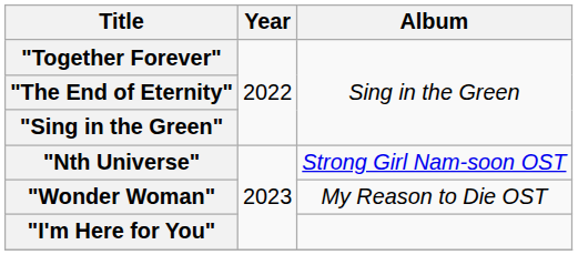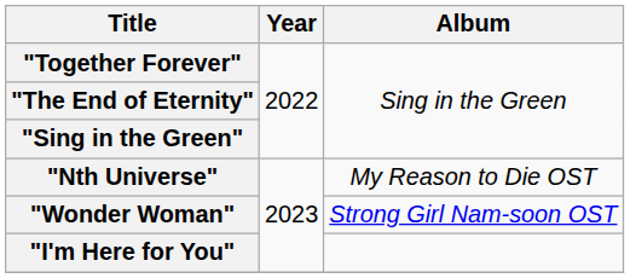 <table class="wikitable plainrowheaders" style="text-align:center">
 <tr>
 <th scope="col">Title</th>
 <th scope="col">Year</th>
 <th scope="col">Album</th>
 </tr>
 <tr>
 <th scope="row">"Together Forever"<br></th>
 <td rowspan="3">2022</td>
 <td rowspan="3"><em>Sing in the Green</em></td>
 </tr>
 <tr>
 <th scope="row">"The End of Eternity" </th>
 </tr>
 <tr>
 <th scope="row">"Sing in the Green" <br></th>
 </tr>
 <tr>
 <th scope="row">"Nth Universe" </th>
 <td rowspan="3">2023</td>
-<td><em><a href='#'>Strong Girl Nam-soon OST</a></em></td>
+<td><em>My Reason to Die OST</em></td>
 </tr>
 <tr>
 <th scope="row">"Wonder Woman"</th>
-<td><em>My Reason to Die OST</em></td>
+<td><em><a href='#'>Strong Girl Nam-soon OST</a></em></td>
 </tr>
 <tr>
 <th scope="row">"I'm Here for You" </th>
 <td></td>
 </tr>
 <tr>
 </tr>
 </table>
